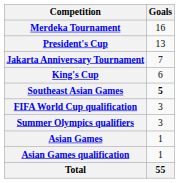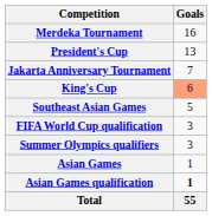 <table class="wikitable plainrowheaders sortable" style="text-align:center; font-size:95%">
 <tr>
 <th scope="col">Competition</th>
 <th scope="col">Goals</th>
 </tr>
 <tr>
 <th scope="row"><a href='#'>Merdeka Tournament</a></th>
 <td>16</td>
 </tr>
 <tr>
 <th scope="row"><a href='#'>President's Cup</a></th>
 <td>13</td>
 </tr>
 <tr>
 <th scope="row"><a href='#'>Jakarta Anniversary Tournament</a></th>
 <td>7</td>
 </tr>
 <tr>
 <th scope="row"><a href='#'>King's Cup</a></th>
-<td>6</td>
+<td style="background: lightsalmon;">6</td>
 </tr>
 <tr>
 <th scope="row"><a href='#'>Southeast Asian Games</a></th>
-<td><strong>5</strong></td>
+<td>5</td>
 </tr>
 <tr>
 <th scope="row"><a href='#'>FIFA World Cup qualification</a></th>
 <td>3</td>
 </tr>
 <tr>
 <th scope="row"><a href='#'>Summer Olympics qualifiers</a></th>
 <td>3</td>
 </tr>
 <tr>
 <th scope="row"><a href='#'>Asian Games</a></th>
 <td>1</td>
 </tr>
 <tr>
 <th scope="row"><a href='#'>Asian Games qualification</a></th>
-<td>1</td>
+<td><strong>1</strong></td>
 </tr>
 <tr>
 <th>Total</th>
 <th>55</th>
 </tr>
 </table>
